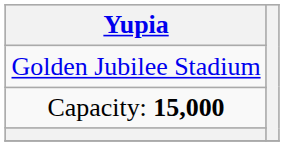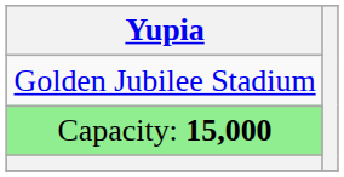 <table class="wikitable" style="text-align:center; margin:0.2em auto;">
 <tr>
 <th><a href='#'>Yupia</a></th>
 <th rowspan="4"></th>
 </tr>
 <tr>
 <td><a href='#'>Golden Jubilee Stadium</a></td>
 </tr>
 <tr>
-<td>Capacity: <strong>15,000</strong></td>
+<td style="background: lightgreen;">Capacity: <strong>15,000</strong></td>
 </tr>
 <tr>
 <th></th>
 </tr>
 <tr>
 </tr>
 </table>
